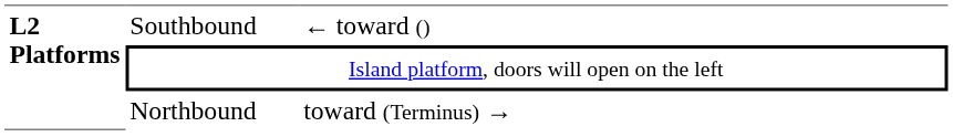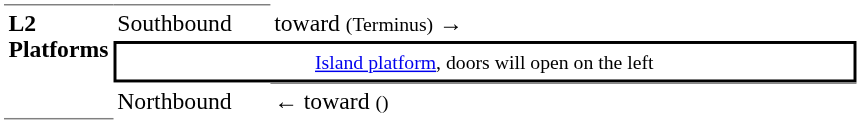 <table table border=0 cellspacing=0 cellpadding=3>
 <tr>
 <td style="border-top:solid 1px gray;border-bottom:solid 1px gray;" width=50 rowspan=10 valign=top><strong>L2<br>Platforms</strong></td>
 </tr>
 <tr>
 <td style="border-bottom:solid 0px gray;border-top:solid 1px gray;" width=100>Southbound</td>
-<td style="border-bottom:solid 0px gray;border-top:solid 1px gray;" width=390>←  toward  <small>()</small></td>
+<td>  toward  <small>(Terminus)</small> →</td>
 </tr>
 <tr>
 <td style="border-top:solid 2px black;border-right:solid 2px black;border-left:solid 2px black;border-bottom:solid 2px black;text-align:center;" colspan=2><small><a href='#'>Island platform</a>, doors will open on the left</small></td>
 </tr>
 <tr>
 <td>Northbound</td>
-<td>  toward  <small>(Terminus)</small> →</td>
+<td style="border-bottom:solid 0px gray;border-top:solid 1px gray;" width=390>←  toward  <small>()</small></td>
 </tr>
 </table>
